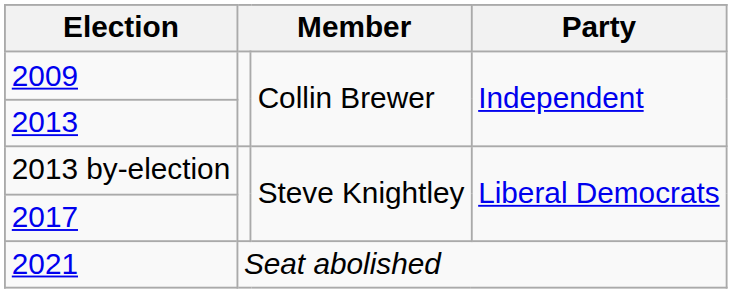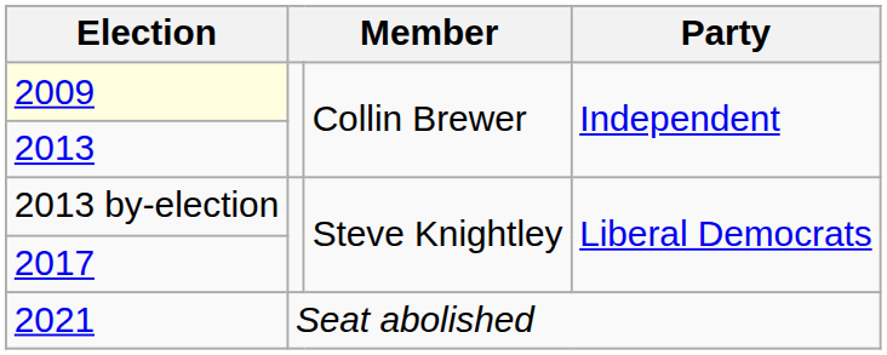 <table class="wikitable">
 <tr>
 <th>Election</th>
 <th colspan="2">Member</th>
 <th>Party</th>
 </tr>
 <tr>
-<td><a href='#'>2009</a></td>
+<td style="background: lightyellow;"><a href='#'>2009</a></td>
 <td rowspan="2" style="background-color: "></td>
 <td rowspan="2">Collin Brewer</td>
 <td rowspan="2"><a href='#'>Independent</a></td>
 </tr>
 <tr>
 <td><a href='#'>2013</a></td>
 </tr>
 <tr>
 <td>2013 by-election</td>
 <td rowspan="2" style="background-color: "></td>
 <td rowspan="2">Steve Knightley</td>
 <td rowspan="2"><a href='#'>Liberal Democrats</a></td>
 </tr>
 <tr>
 <td><a href='#'>2017</a></td>
 </tr>
 <tr>
 <td><a href='#'>2021</a></td>
 <td colspan="3"><em>Seat abolished</em></td>
 </tr>
 </table>
